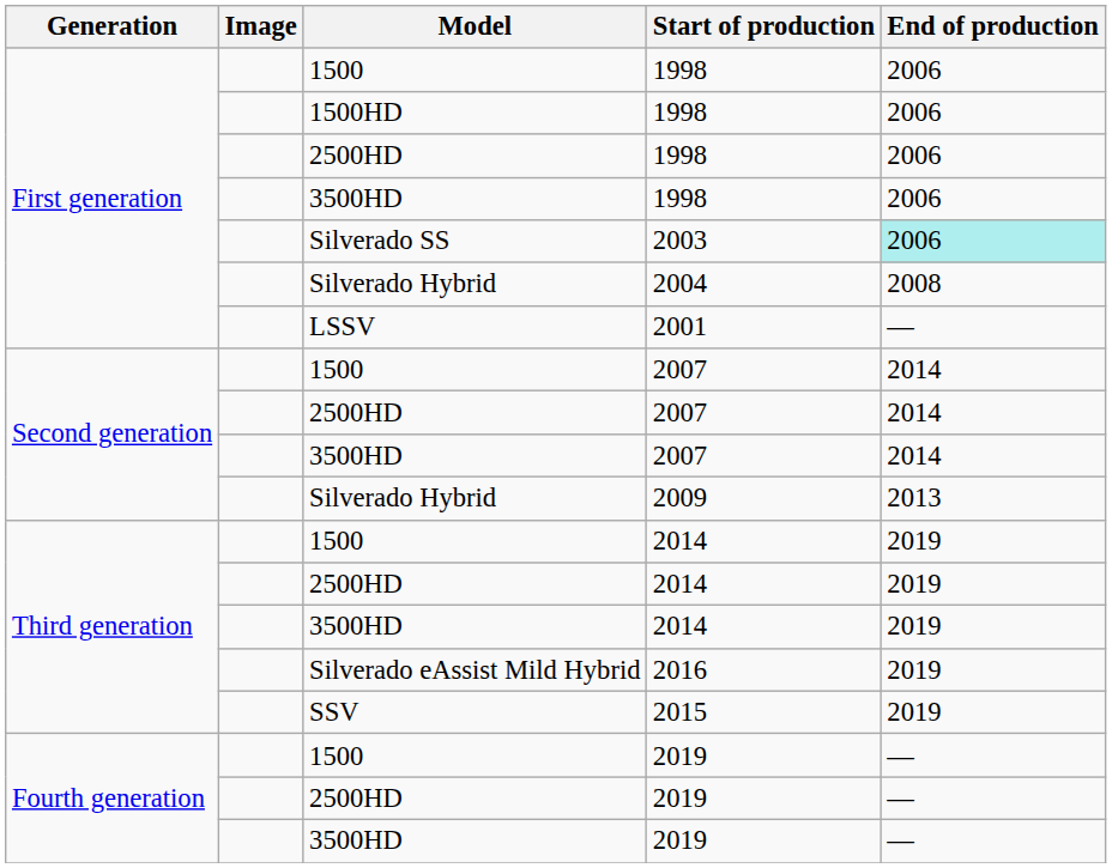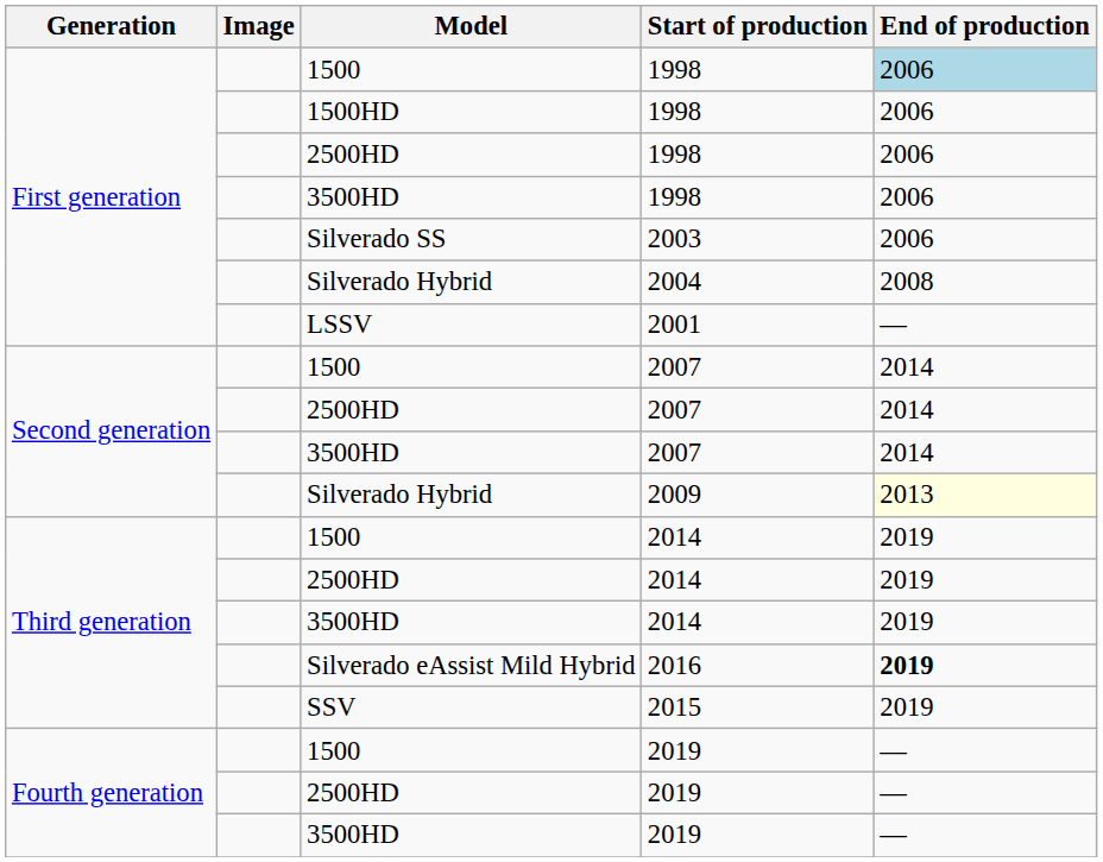 <table class="wikitable sortable">
 <tr>
 <th>Generation</th>
 <th>Image</th>
 <th>Model</th>
 <th>Start of production</th>
 <th>End of production</th>
 </tr>
 <tr>
 <td rowspan="7"><a href='#'>First generation</a></td>
 <td></td>
 <td>1500</td>
 <td>1998</td>
-<td>2006</td>
+<td style="background: lightblue;">2006</td>
 </tr>
 <tr>
 <td></td>
 <td>1500HD</td>
 <td>1998</td>
 <td>2006</td>
 </tr>
 <tr>
 <td></td>
 <td>2500HD</td>
 <td>1998</td>
 <td>2006</td>
 </tr>
 <tr>
 <td></td>
 <td>3500HD</td>
 <td>1998</td>
 <td>2006</td>
 </tr>
 <tr>
 <td></td>
 <td>Silverado SS</td>
 <td>2003</td>
-<td style="background: paleturquoise;">2006</td>
+<td>2006</td>
 </tr>
 <tr>
 <td></td>
 <td>Silverado Hybrid</td>
 <td>2004</td>
 <td>2008</td>
 </tr>
 <tr>
 <td></td>
 <td>LSSV</td>
 <td>2001</td>
 <td>—</td>
 </tr>
 <tr>
 <td rowspan="4"><a href='#'>Second generation</a></td>
 <td></td>
 <td>1500</td>
 <td>2007</td>
 <td>2014</td>
 </tr>
 <tr>
 <td></td>
 <td>2500HD</td>
 <td>2007</td>
 <td>2014</td>
 </tr>
 <tr>
 <td></td>
 <td>3500HD</td>
 <td>2007</td>
 <td>2014</td>
 </tr>
 <tr>
 <td></td>
 <td>Silverado Hybrid</td>
 <td>2009</td>
-<td>2013</td>
+<td style="background: lightyellow;">2013</td>
 </tr>
 <tr>
 <td rowspan="5"><a href='#'>Third generation</a></td>
 <td></td>
 <td>1500</td>
 <td>2014</td>
 <td>2019</td>
 </tr>
 <tr>
 <td></td>
 <td>2500HD</td>
 <td>2014</td>
 <td>2019</td>
 </tr>
 <tr>
 <td></td>
 <td>3500HD</td>
 <td>2014</td>
 <td>2019</td>
 </tr>
 <tr>
 <td></td>
 <td>Silverado eAssist Mild Hybrid</td>
 <td>2016</td>
-<td>2019</td>
+<td><strong>2019</strong></td>
 </tr>
 <tr>
 <td></td>
 <td>SSV</td>
 <td>2015</td>
 <td>2019</td>
 </tr>
 <tr>
 <td rowspan="3"><a href='#'>Fourth generation</a></td>
 <td></td>
 <td>1500</td>
 <td>2019</td>
 <td>—</td>
 </tr>
 <tr>
 <td></td>
 <td>2500HD</td>
 <td>2019</td>
 <td>—</td>
 </tr>
 <tr>
 <td></td>
 <td>3500HD</td>
 <td>2019</td>
 <td>—</td>
 </tr>
 </table>
